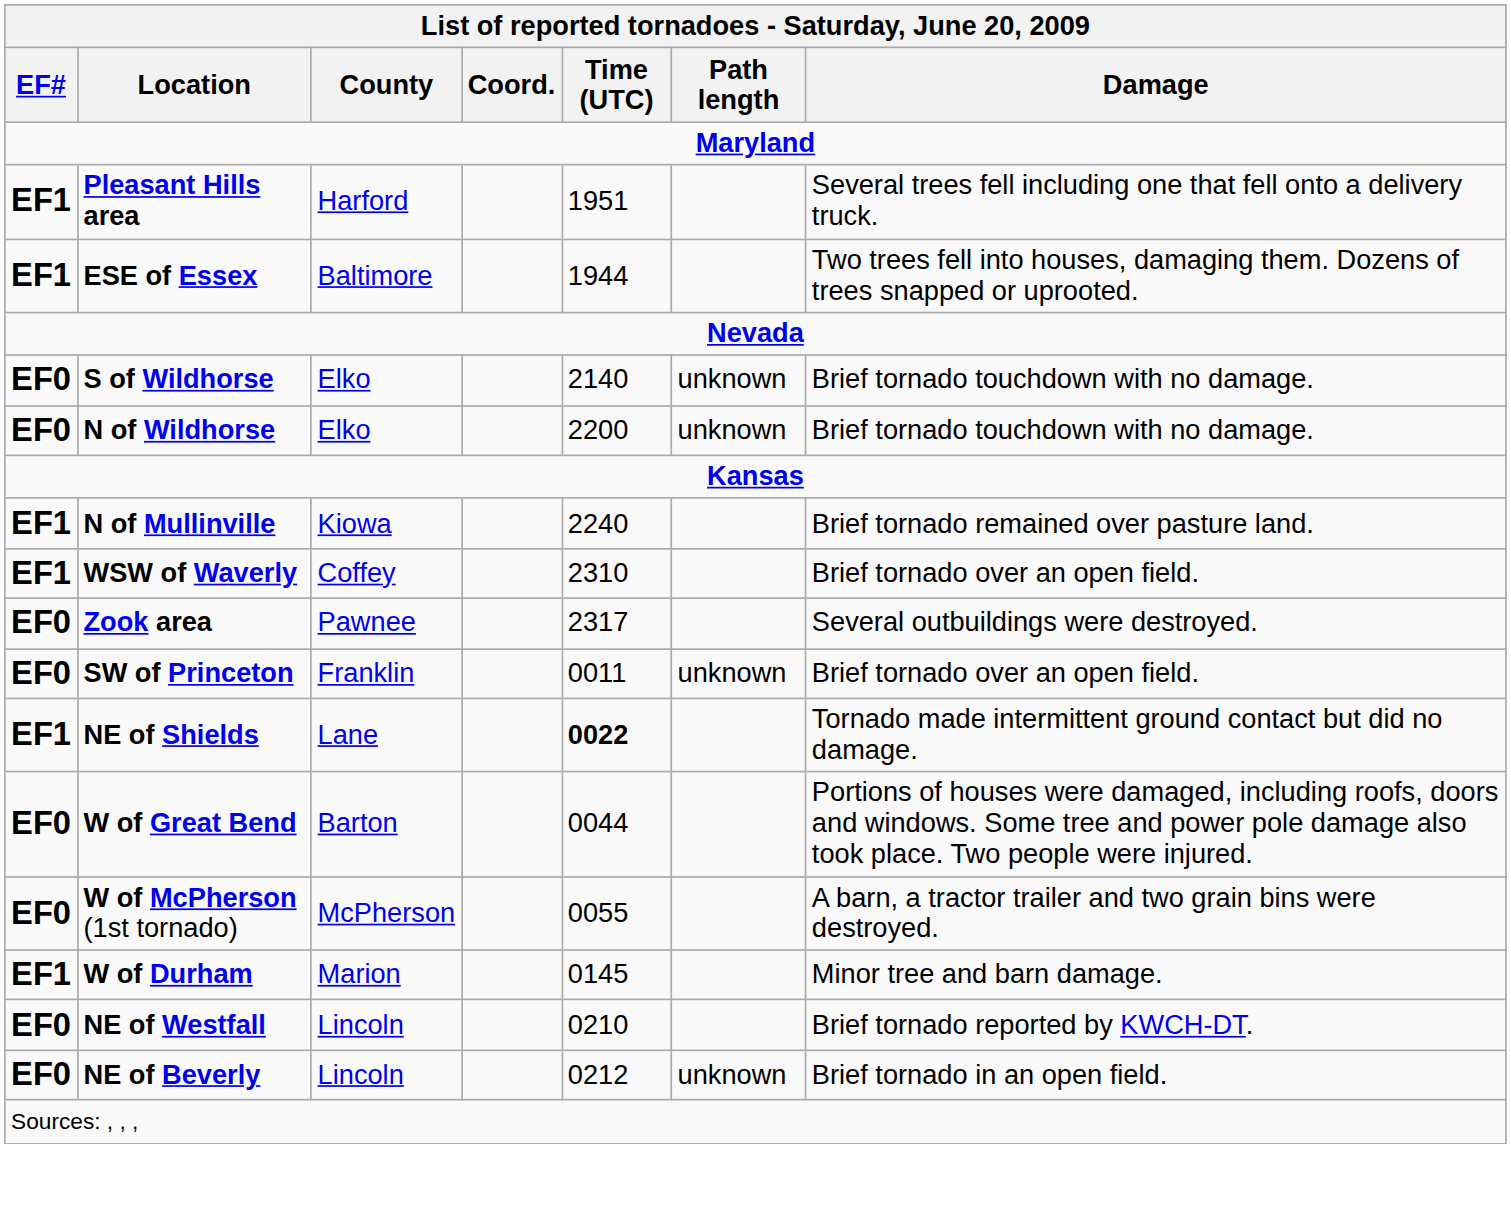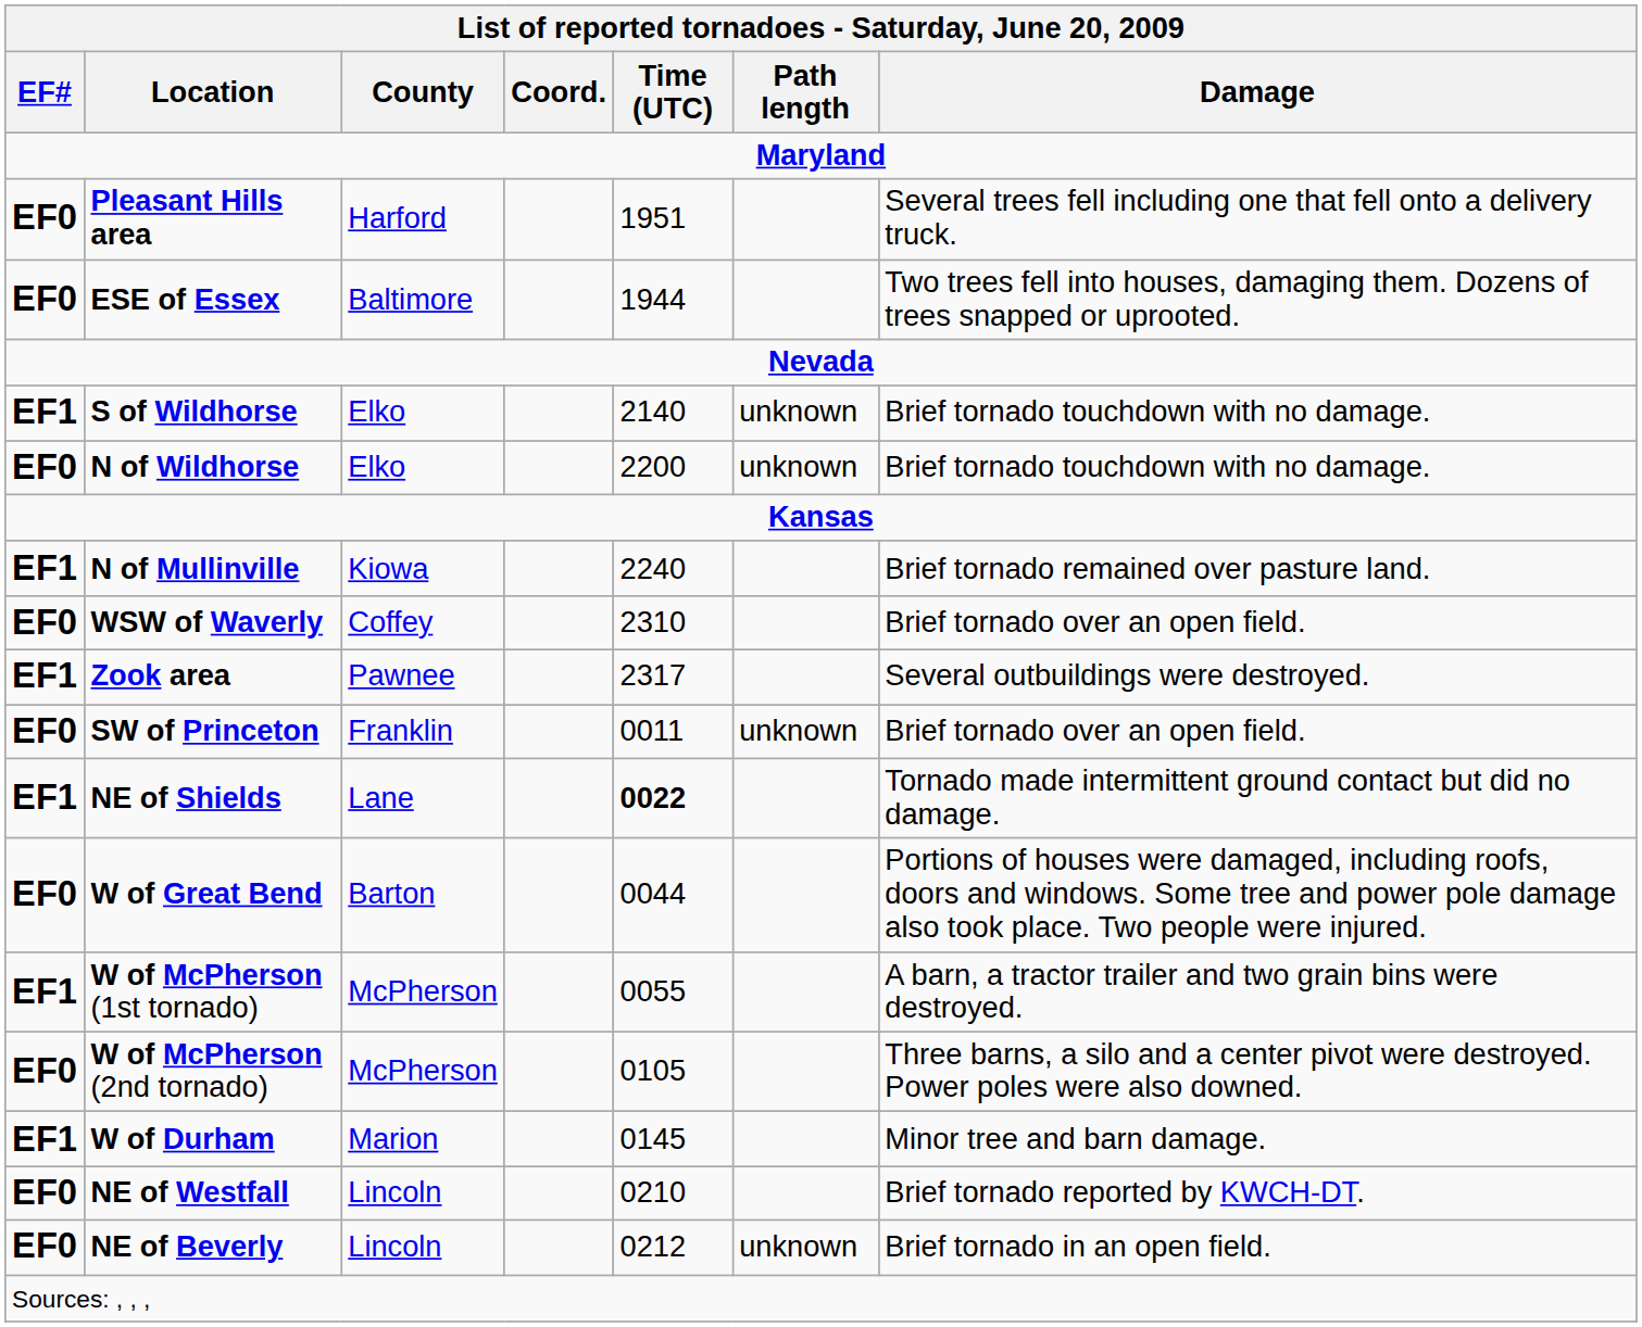 <table class="wikitable collapsible" width="100%">
 <tr>
 <th colspan="7">List of reported tornadoes - Saturday, June 20, 2009</th>
 </tr>
 <tr>
 <th><a href='#'>EF#</a></th>
 <th>Location</th>
 <th>County</th>
 <th>Coord.</th>
 <th>Time (UTC)</th>
 <th>Path length</th>
 <th>Damage</th>
 </tr>
 <tr>
 <td colspan="7" align=center><strong><a href='#'>Maryland</a></strong></td>
 </tr>
 <tr>
-<td><big><strong>EF1</strong></big></td>
+<td><big><strong>EF0</strong></big></td>
 <td><strong><a href='#'>Pleasant Hills</a> area</strong></td>
 <td><a href='#'>Harford</a></td>
 <td></td>
 <td>1951</td>
 <td></td>
 <td>Several trees fell including one that fell onto a delivery truck.</td>
 </tr>
 <tr>
-<td><big><strong>EF1</strong></big></td>
+<td><big><strong>EF0</strong></big></td>
 <td><strong>ESE of <a href='#'>Essex</a></strong></td>
 <td><a href='#'>Baltimore</a></td>
 <td></td>
 <td>1944</td>
 <td></td>
 <td>Two trees fell into houses, damaging them. Dozens of trees snapped or uprooted.</td>
 </tr>
 <tr>
 <td colspan="7" align=center><strong><a href='#'>Nevada</a></strong></td>
 </tr>
 <tr>
-<td><big><strong>EF0</strong></big></td>
+<td><big><strong>EF1</strong></big></td>
 <td><strong>S of <a href='#'>Wildhorse</a></strong></td>
 <td><a href='#'>Elko</a></td>
 <td></td>
 <td>2140</td>
 <td>unknown</td>
 <td>Brief tornado touchdown with no damage.</td>
 </tr>
 <tr>
 <td><big><strong>EF0</strong></big></td>
 <td><strong>N of <a href='#'>Wildhorse</a></strong></td>
 <td><a href='#'>Elko</a></td>
 <td></td>
 <td>2200</td>
 <td>unknown</td>
 <td>Brief tornado touchdown with no damage.</td>
 </tr>
 <tr>
 <td colspan="7" align=center><strong><a href='#'>Kansas</a></strong></td>
 </tr>
 <tr>
 <td><big><strong>EF1</strong></big></td>
 <td><strong>N of <a href='#'>Mullinville</a></strong></td>
 <td><a href='#'>Kiowa</a></td>
 <td></td>
 <td>2240</td>
 <td></td>
 <td>Brief tornado remained over pasture land.</td>
 </tr>
 <tr>
-<td><big><strong>EF1</strong></big></td>
+<td><big><strong>EF0</strong></big></td>
 <td><strong>WSW of <a href='#'>Waverly</a></strong></td>
 <td><a href='#'>Coffey</a></td>
 <td></td>
 <td>2310</td>
 <td></td>
 <td>Brief tornado over an open field.</td>
 </tr>
 <tr>
-<td><big><strong>EF0</strong></big></td>
+<td><big><strong>EF1</strong></big></td>
 <td><strong><a href='#'>Zook</a> area</strong></td>
 <td><a href='#'>Pawnee</a></td>
 <td></td>
 <td>2317</td>
 <td></td>
 <td>Several outbuildings were destroyed.</td>
 </tr>
 <tr>
 <td><big><strong>EF0</strong></big></td>
 <td><strong>SW of <a href='#'>Princeton</a></strong></td>
 <td><a href='#'>Franklin</a></td>
 <td></td>
 <td>0011</td>
 <td>unknown</td>
 <td>Brief tornado over an open field.</td>
 </tr>
 <tr>
 <td><big><strong>EF1</strong></big></td>
 <td><strong>NE of <a href='#'>Shields</a></strong></td>
 <td><a href='#'>Lane</a></td>
 <td></td>
 <td><strong>0022</strong></td>
 <td></td>
 <td>Tornado made intermittent ground contact but did no damage.</td>
 </tr>
 <tr>
 <td><big><strong>EF0</strong></big></td>
 <td><strong>W of <a href='#'>Great Bend</a></strong></td>
 <td><a href='#'>Barton</a></td>
 <td></td>
 <td>0044</td>
 <td></td>
 <td>Portions of houses were damaged, including roofs, doors and windows. Some tree and power pole damage also took place. Two people were injured.</td>
 </tr>
 <tr>
-<td><big><strong>EF0</strong></big></td>
+<td><big><strong>EF1</strong></big></td>
 <td><strong>W of <a href='#'>McPherson</a></strong> (1st tornado)</td>
 <td><a href='#'>McPherson</a></td>
 <td></td>
 <td>0055</td>
 <td></td>
 <td>A barn, a tractor trailer and two grain bins were destroyed.</td>
+</tr>
+<tr>
+<td><big><strong>EF0</strong></big></td>
+<td><strong>W of <a href='#'>McPherson</a></strong> (2nd tornado)</td>
+<td><a href='#'>McPherson</a></td>
+<td></td>
+<td>0105</td>
+<td></td>
+<td>Three barns, a silo and a center pivot were destroyed. Power poles were also downed.</td>
 </tr>
 <tr>
 <td><big><strong>EF1</strong></big></td>
 <td><strong>W of <a href='#'>Durham</a></strong></td>
 <td><a href='#'>Marion</a></td>
 <td></td>
 <td>0145</td>
 <td></td>
 <td>Minor tree and barn damage.</td>
 </tr>
 <tr>
 <td><big><strong>EF0</strong></big></td>
 <td><strong>NE of <a href='#'>Westfall</a></strong></td>
 <td><a href='#'>Lincoln</a></td>
 <td></td>
 <td>0210</td>
 <td></td>
 <td>Brief tornado reported by <a href='#'>KWCH-DT</a>.</td>
 </tr>
 <tr>
 <td><big><strong>EF0</strong></big></td>
 <td><strong>NE of <a href='#'>Beverly</a></strong></td>
 <td><a href='#'>Lincoln</a></td>
 <td></td>
 <td>0212</td>
 <td>unknown</td>
 <td>Brief tornado in an open field.</td>
 </tr>
 <tr>
 <td colspan="7"><small>Sources: , , , </small></td>
 </tr>
 </table>
